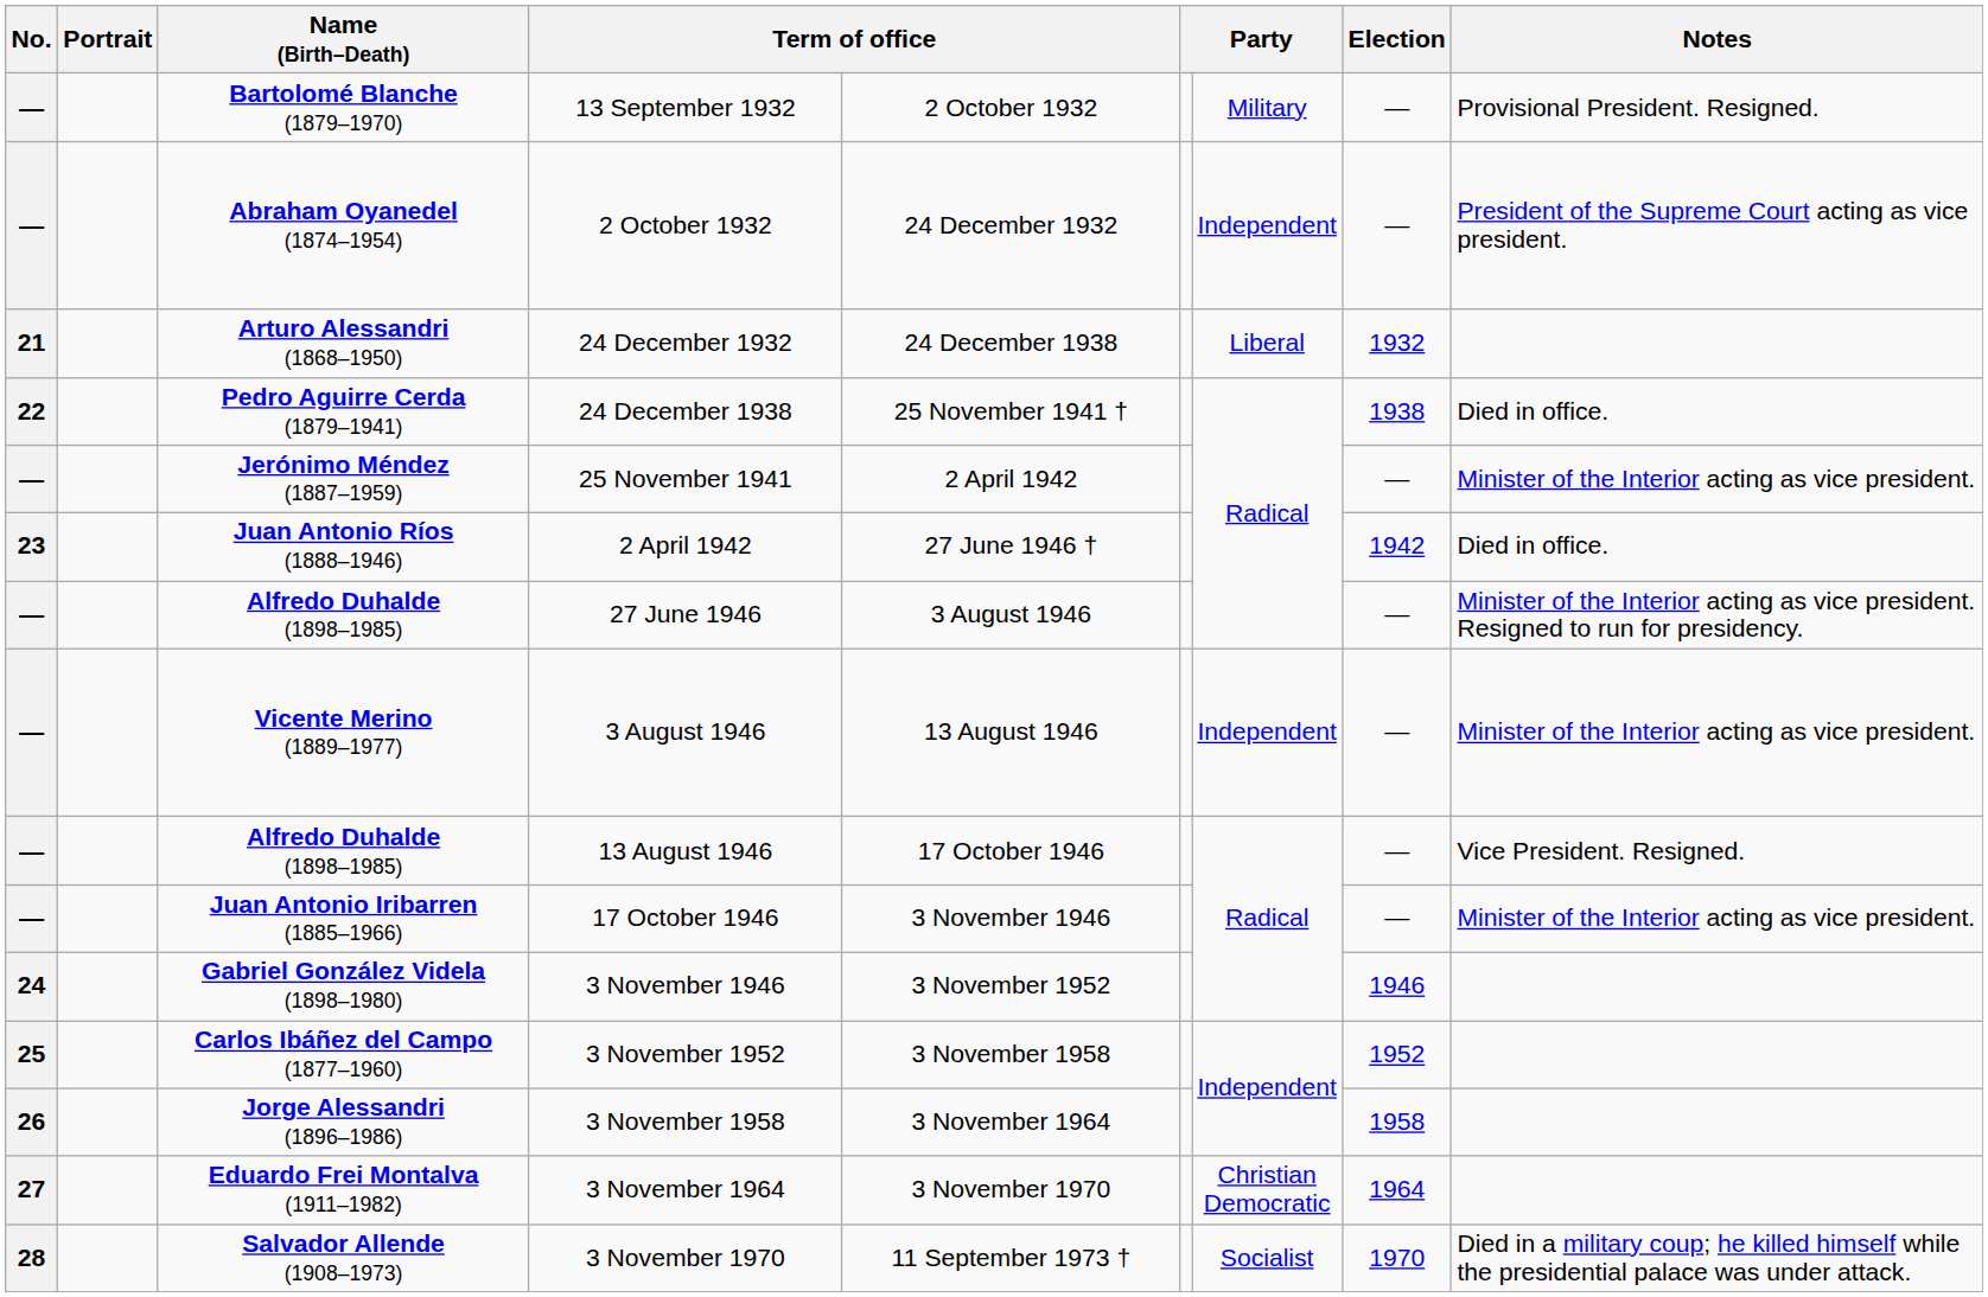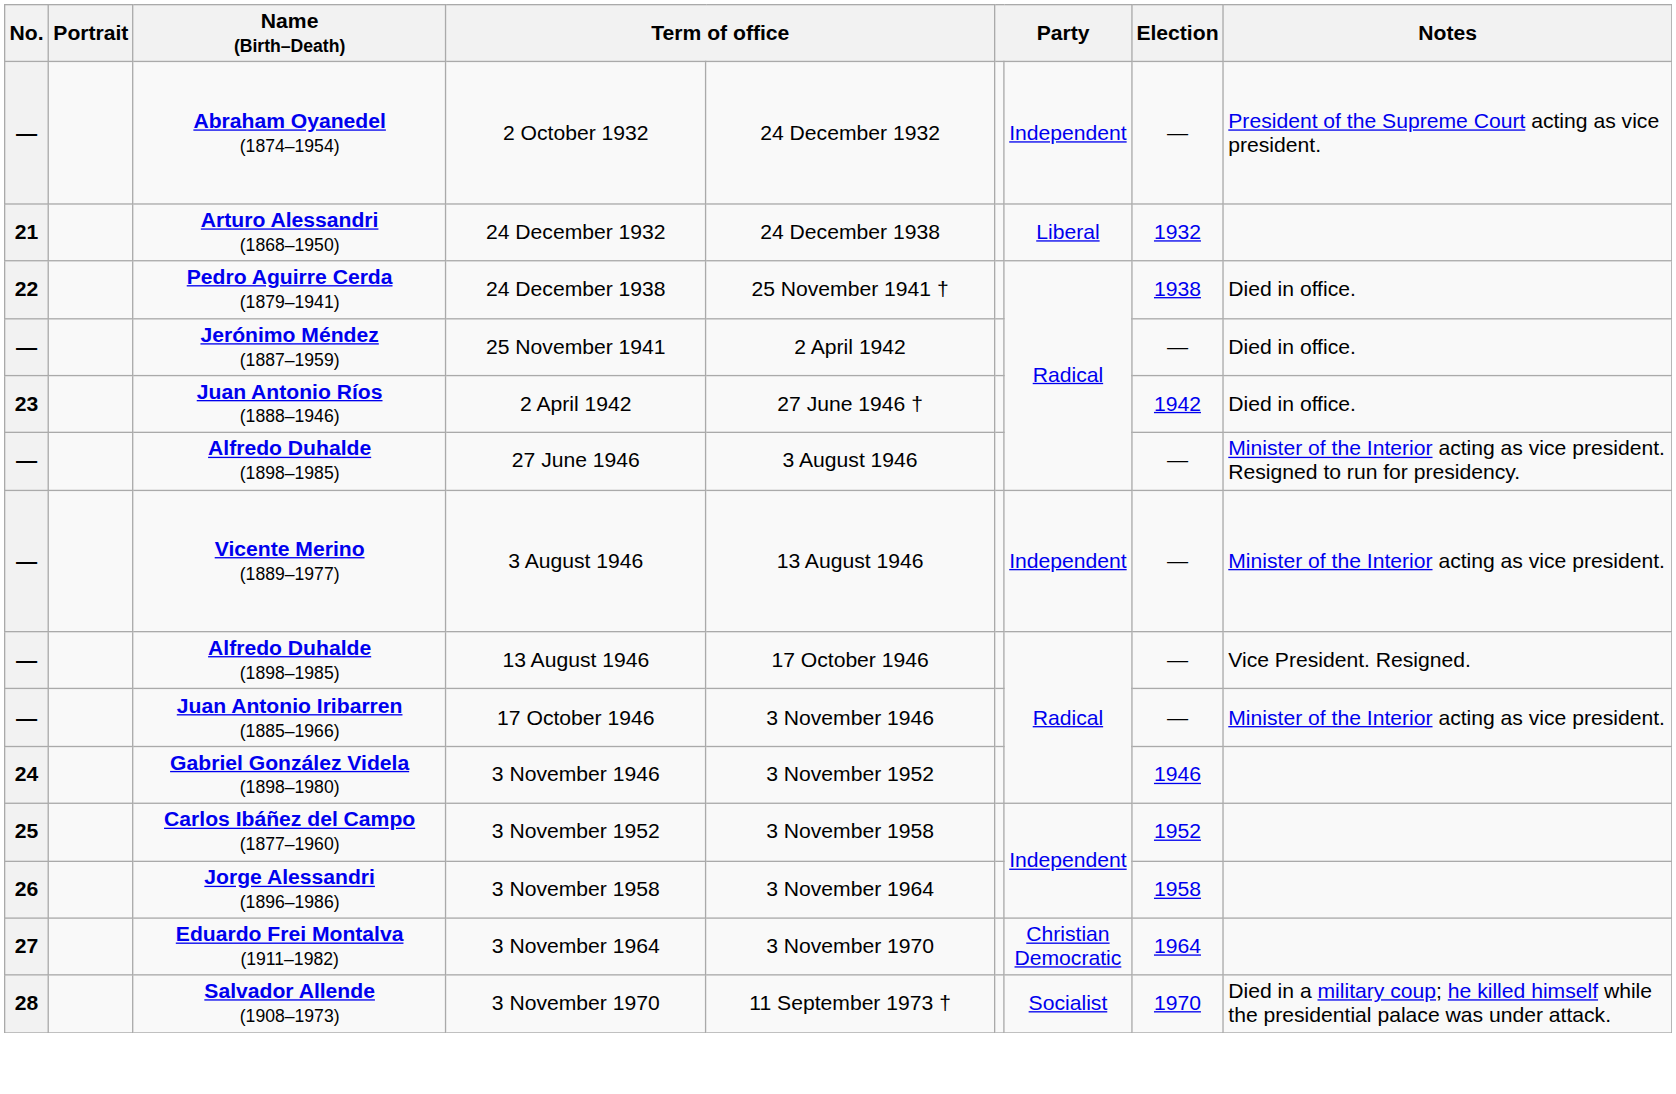 <table class="wikitable" width="100%" style="text-align: center;">
 <tr>
 <th width="2%">No.</th>
 <th width="5%">Portrait</th>
 <th width="20%">Name<br><small>(Birth–Death)</small></th>
 <th colspan="2" width="35%">Term of office</th>
 <th width="5%" colspan=2>Party</th>
 <th width="4%">Election</th>
 <th width="29%">Notes</th>
-</tr>
-<tr>
-<th>—</th>
-<td></td>
-<td><strong><a href='#'>Bartolomé Blanche</a></strong><br><small>(1879–1970)</small></td>
-<td>13 September 1932</td>
-<td>2 October 1932</td>
-<td style="background-color:"></td>
-<td><a href='#'>Military</a></td>
-<td>—</td>
-<td align=left>Provisional President. Resigned.</td>
 </tr>
 <tr>
 <th height="100px">—</th>
 <td></td>
 <td><strong><a href='#'>Abraham Oyanedel</a></strong><br><small>(1874–1954)</small></td>
 <td>2 October 1932</td>
 <td>24 December 1932</td>
 <td style="background-color:"></td>
 <td><a href='#'>Independent</a></td>
 <td>—</td>
 <td align=left><a href='#'>President of the Supreme Court</a> acting as vice president.</td>
 </tr>
 <tr>
 <th>21</th>
 <td></td>
 <td><strong><a href='#'>Arturo Alessandri</a></strong><br><small>(1868–1950)</small></td>
 <td>24 December 1932</td>
 <td>24 December 1938</td>
 <td style="background-color:"></td>
 <td><a href='#'>Liberal</a></td>
 <td><a href='#'>1932</a></td>
 <td align=left></td>
 </tr>
 <tr>
 <th>22</th>
 <td></td>
 <td><strong><a href='#'>Pedro Aguirre Cerda</a></strong><br><small>(1879–1941)</small></td>
 <td>24 December 1938</td>
 <td>25 November 1941 †</td>
 <td style="background-color:"></td>
 <td rowspan="4"><a href='#'>Radical</a></td>
 <td><a href='#'>1938</a></td>
 <td align=left>Died in office.</td>
 </tr>
 <tr>
 <th>—</th>
 <td></td>
 <td><strong><a href='#'>Jerónimo Méndez</a></strong><br><small>(1887–1959)</small></td>
 <td>25 November 1941</td>
 <td>2 April 1942</td>
 <td style="background-color:"></td>
 <td>—</td>
-<td align=left><a href='#'>Minister of the Interior</a> acting as vice president.</td>
+<td align=left>Died in office.</td>
 </tr>
 <tr>
 <th>23</th>
 <td></td>
 <td><strong><a href='#'>Juan Antonio Ríos</a></strong><br><small>(1888–1946)</small></td>
 <td>2 April 1942</td>
 <td>27 June 1946 †</td>
 <td style="background-color:"></td>
 <td><a href='#'>1942</a></td>
 <td align=left>Died in office.</td>
 </tr>
 <tr>
 <th>—</th>
 <td></td>
 <td><strong><a href='#'>Alfredo Duhalde</a></strong><br><small>(1898–1985)</small></td>
 <td>27 June 1946</td>
 <td>3 August 1946</td>
 <td style="background-color:"></td>
 <td>—</td>
 <td align=left><a href='#'>Minister of the Interior</a> acting as vice president. Resigned to run for presidency.</td>
 </tr>
 <tr>
 <th height="100px">—</th>
 <td></td>
 <td><strong><a href='#'>Vicente Merino</a></strong><br><small>(1889–1977)</small></td>
 <td>3 August 1946</td>
 <td>13 August 1946</td>
 <td style="background-color:"></td>
 <td><a href='#'>Independent</a></td>
 <td>—</td>
 <td align=left><a href='#'>Minister of the Interior</a> acting as vice president.</td>
 </tr>
 <tr>
 <th>—</th>
 <td></td>
 <td><strong><a href='#'>Alfredo Duhalde</a></strong><br><small>(1898–1985)</small></td>
 <td>13 August 1946</td>
 <td>17 October 1946</td>
 <td style="background-color:"></td>
 <td rowspan="3"><a href='#'>Radical</a></td>
 <td>—</td>
 <td align=left>Vice President. Resigned.</td>
 </tr>
 <tr>
 <th>—</th>
 <td></td>
 <td><strong><a href='#'>Juan Antonio Iribarren</a></strong><br><small>(1885–1966)</small></td>
 <td>17 October 1946</td>
 <td>3 November 1946</td>
 <td style="background-color:"></td>
 <td>—</td>
 <td align=left><a href='#'>Minister of the Interior</a> acting as vice president.</td>
 </tr>
 <tr>
 <th>24</th>
 <td></td>
 <td><strong><a href='#'>Gabriel González Videla</a></strong><br><small>(1898–1980)</small></td>
 <td>3 November 1946</td>
 <td>3 November 1952</td>
 <td style="background-color:"></td>
 <td><a href='#'>1946</a></td>
 <td align=left></td>
 </tr>
 <tr>
 <th>25</th>
 <td></td>
 <td><strong><a href='#'>Carlos Ibáñez del Campo</a></strong><br><small>(1877–1960)</small></td>
 <td>3 November 1952</td>
 <td>3 November 1958</td>
 <td style="background-color:"></td>
 <td rowspan="2"><a href='#'>Independent</a></td>
 <td><a href='#'>1952</a></td>
 <td align=left></td>
 </tr>
 <tr>
 <th>26</th>
 <td></td>
 <td><strong><a href='#'>Jorge Alessandri</a></strong><br><small>(1896–1986)</small></td>
 <td>3 November 1958</td>
 <td>3 November 1964</td>
 <td style="background-color:"></td>
 <td><a href='#'>1958</a></td>
 <td align=left></td>
 </tr>
 <tr>
 <th>27</th>
 <td></td>
 <td><strong><a href='#'>Eduardo Frei Montalva</a></strong><br><small>(1911–1982)</small></td>
 <td>3 November 1964</td>
 <td>3 November 1970</td>
 <td style="background-color:"></td>
 <td><a href='#'>Christian Democratic</a></td>
 <td><a href='#'>1964</a></td>
 <td align=left></td>
 </tr>
 <tr>
 <th>28</th>
 <td></td>
 <td><strong><a href='#'>Salvador Allende</a></strong><br><small>(1908–1973)</small></td>
 <td>3 November 1970</td>
 <td>11 September 1973 †</td>
 <td style="background-color:"></td>
 <td><a href='#'>Socialist</a></td>
 <td><a href='#'>1970</a></td>
 <td align=left>Died in a <a href='#'>military coup</a>; <a href='#'>he killed himself</a> while the presidential palace was under attack.</td>
 </tr>
 </table>
